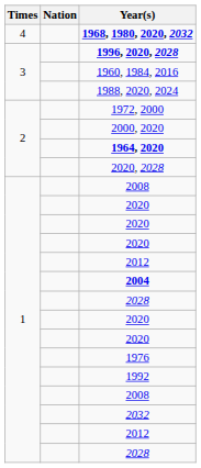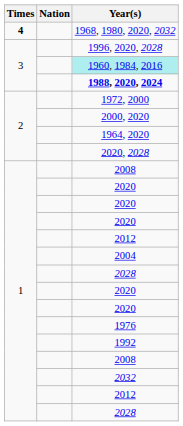 <table class="wikitable" style="text-align:center; margin-top:0.5em; margin-right:1em; float:left; font-size:96%;">
 <tr>
 <th>Times</th>
 <th>Nation</th>
 <th>Year(s)</th>
 </tr>
 <tr>
-<td align="center">4</td>
+<td align="center"><strong>4</strong></td>
 <td align="left"></td>
-<td><strong><a href='#'>1968</a>, <a href='#'>1980</a>, <a href='#'>2020</a>, <em><a href='#'>2032</a></em></strong></td>
+<td><a href='#'>1968</a>, <a href='#'>1980</a>, <a href='#'>2020</a>, <em><a href='#'>2032</a></em></td>
 </tr>
 <tr>
 <td rowspan="3" align="center">3</td>
 <td align="left"></td>
-<td><strong><a href='#'>1996</a>, <a href='#'>2020</a>, <em><a href='#'>2028</a></em></strong></td>
+<td><a href='#'>1996</a>, <a href='#'>2020</a>, <em><a href='#'>2028</a></em></td>
 </tr>
 <tr>
 <td align="left"></td>
-<td><a href='#'>1960</a>, <a href='#'>1984</a>, <a href='#'>2016</a></td>
+<td style="background: paleturquoise;"><a href='#'>1960</a>, <a href='#'>1984</a>, <a href='#'>2016</a></td>
 </tr>
 <tr>
 <td align="left"></td>
-<td><a href='#'>1988</a>, <a href='#'>2020</a>, <a href='#'>2024</a></td>
+<td><strong><a href='#'>1988</a>, <a href='#'>2020</a>, <a href='#'>2024</a></strong></td>
 </tr>
 <tr>
 <td rowspan="4" align="center">2</td>
 <td align="left"></td>
 <td><a href='#'>1972</a>, <a href='#'>2000</a></td>
 </tr>
 <tr>
 <td align="left"></td>
 <td><a href='#'>2000</a>, <a href='#'>2020</a></td>
 </tr>
 <tr>
 <td align="left"></td>
-<td><strong><a href='#'>1964</a>, <a href='#'>2020</a></strong></td>
+<td><a href='#'>1964</a>, <a href='#'>2020</a></td>
 </tr>
 <tr>
 <td align="left"></td>
 <td><a href='#'>2020</a>, <em><a href='#'>2028</a></em></td>
 </tr>
 <tr>
 <td rowspan="16" align="center">1</td>
 <td align="left"></td>
 <td><a href='#'>2008</a></td>
 </tr>
 <tr>
 <td align="left"></td>
 <td><a href='#'>2020</a></td>
 </tr>
 <tr>
 <td align="left"></td>
 <td><a href='#'>2020</a></td>
 </tr>
 <tr>
 <td align="left"></td>
 <td><a href='#'>2020</a></td>
 </tr>
 <tr>
 <td align="left"></td>
 <td><a href='#'>2012</a></td>
 </tr>
 <tr>
 <td align="left"></td>
-<td><strong><a href='#'>2004</a></strong></td>
+<td><a href='#'>2004</a></td>
 </tr>
 <tr>
 <td align="left"></td>
 <td><em><a href='#'>2028</a></em></td>
 </tr>
 <tr>
 <td align="left"></td>
 <td><a href='#'>2020</a></td>
 </tr>
 <tr>
 <td align="left"></td>
 <td><a href='#'>2020</a></td>
 </tr>
 <tr>
 <td align="left"></td>
 <td><a href='#'>1976</a></td>
 </tr>
 <tr>
 <td align="left"></td>
 <td><a href='#'>1992</a></td>
 </tr>
 <tr>
 <td align="left"></td>
 <td><a href='#'>2008</a></td>
 </tr>
 <tr>
 <td align="left"></td>
 <td><em><a href='#'>2032</a></em></td>
 </tr>
 <tr>
 <td align="left"></td>
 <td><a href='#'>2012</a></td>
 </tr>
 <tr>
 <td align="left"></td>
 <td><em><a href='#'>2028</a></em></td>
 </tr>
 </table>
